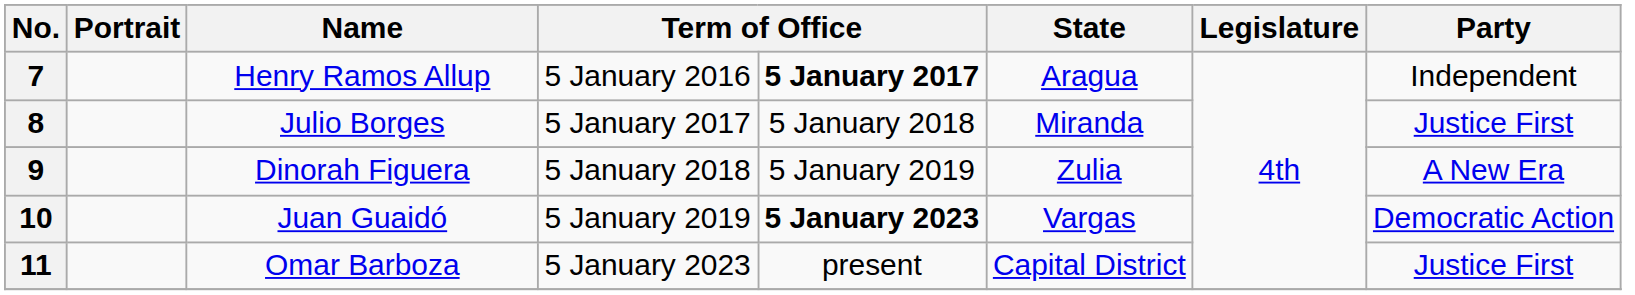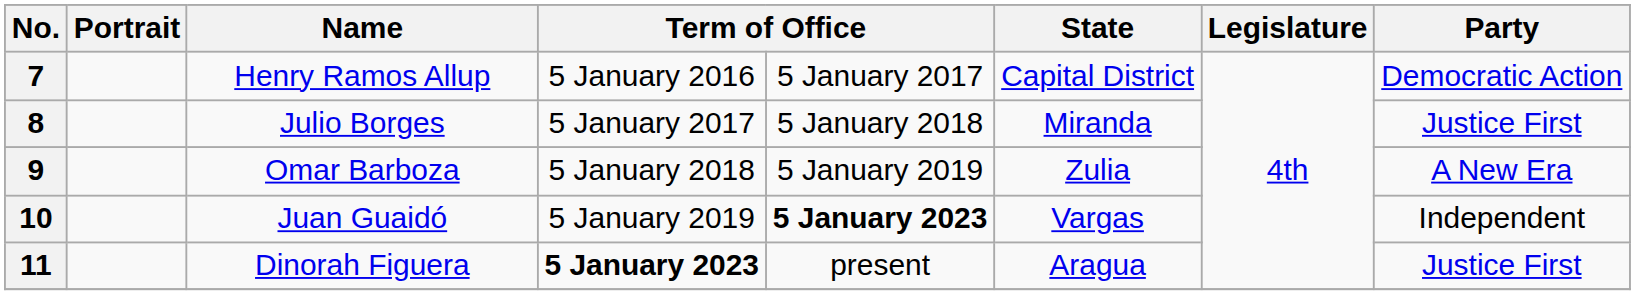 <table class="wikitable" style="text-align:center">
 <tr>
 <th>No.</th>
 <th>Portrait</th>
 <th width="180">Name</th>
 <th colspan="2">Term of Office</th>
 <th>State</th>
 <th>Legislature</th>
 <th>Party</th>
 </tr>
 <tr>
 <th style="background:">7</th>
 <td></td>
 <td><a href='#'>Henry Ramos Allup</a></td>
 <td>5 January 2016</td>
-<td><strong>5 January 2017</strong></td>
-<td><a href='#'>Aragua</a></td>
+<td>5 January 2017</td>
+<td><a href='#'>Capital District</a></td>
 <td rowspan="5"><a href='#'>4th</a></td>
-<td>Independent </td>
+<td><a href='#'>Democratic Action</a> </td>
 </tr>
 <tr>
 <th style="background:">8</th>
 <td></td>
 <td><a href='#'>Julio Borges</a></td>
 <td>5 January 2017</td>
 <td>5 January 2018</td>
 <td><a href='#'>Miranda</a></td>
 <td><a href='#'>Justice First</a> </td>
 </tr>
 <tr>
 <th style="background:">9</th>
 <td></td>
-<td><a href='#'>Dinorah Figuera</a></td>
+<td><a href='#'>Omar Barboza</a></td>
 <td>5 January 2018</td>
 <td>5 January 2019</td>
 <td><a href='#'>Zulia</a></td>
 <td><a href='#'>A New Era</a></td>
 </tr>
 <tr>
 <th style="background:">10</th>
 <td></td>
 <td><a href='#'>Juan Guaidó</a></td>
 <td>5 January 2019</td>
 <td><strong>5 January 2023</strong></td>
 <td><a href='#'>Vargas</a></td>
-<td><a href='#'>Democratic Action</a> </td>
+<td>Independent </td>
 </tr>
 <tr>
 <th style="background:">11</th>
 <td></td>
-<td><a href='#'>Omar Barboza</a></td>
-<td>5 January 2023</td>
+<td><a href='#'>Dinorah Figuera</a></td>
+<td><strong>5 January 2023</strong></td>
 <td>present</td>
-<td><a href='#'>Capital District</a></td>
+<td><a href='#'>Aragua</a></td>
 <td><a href='#'>Justice First</a> </td>
 </tr>
 <tr>
 </tr>
 </table>
